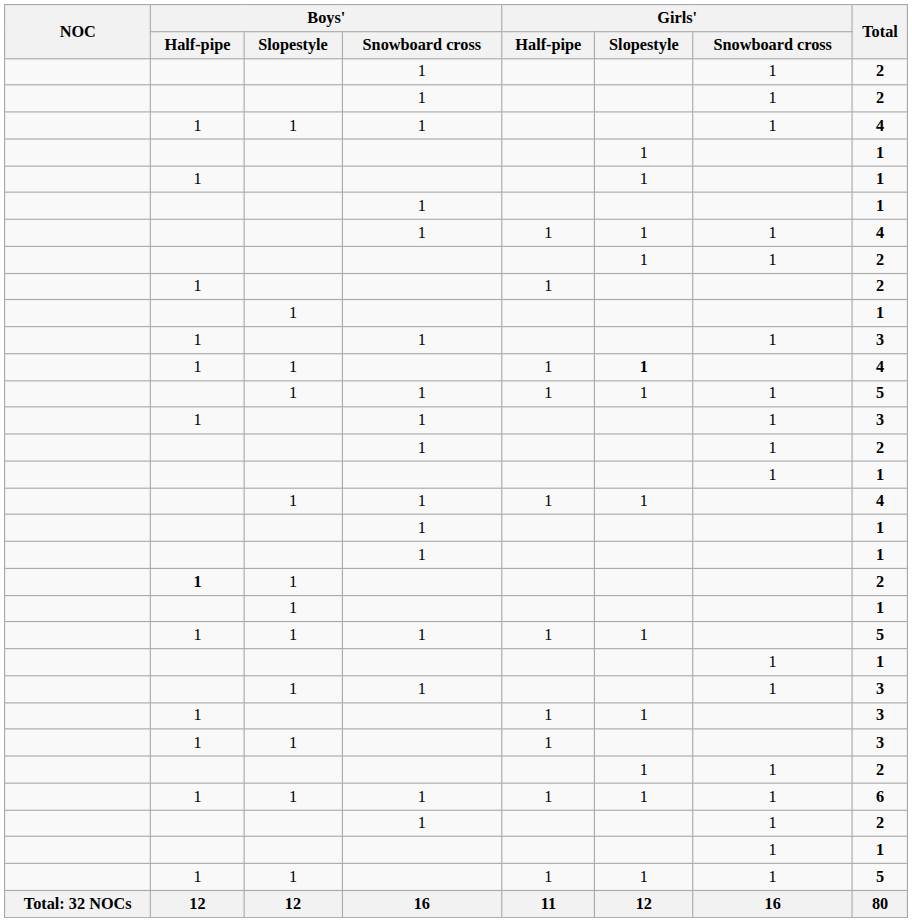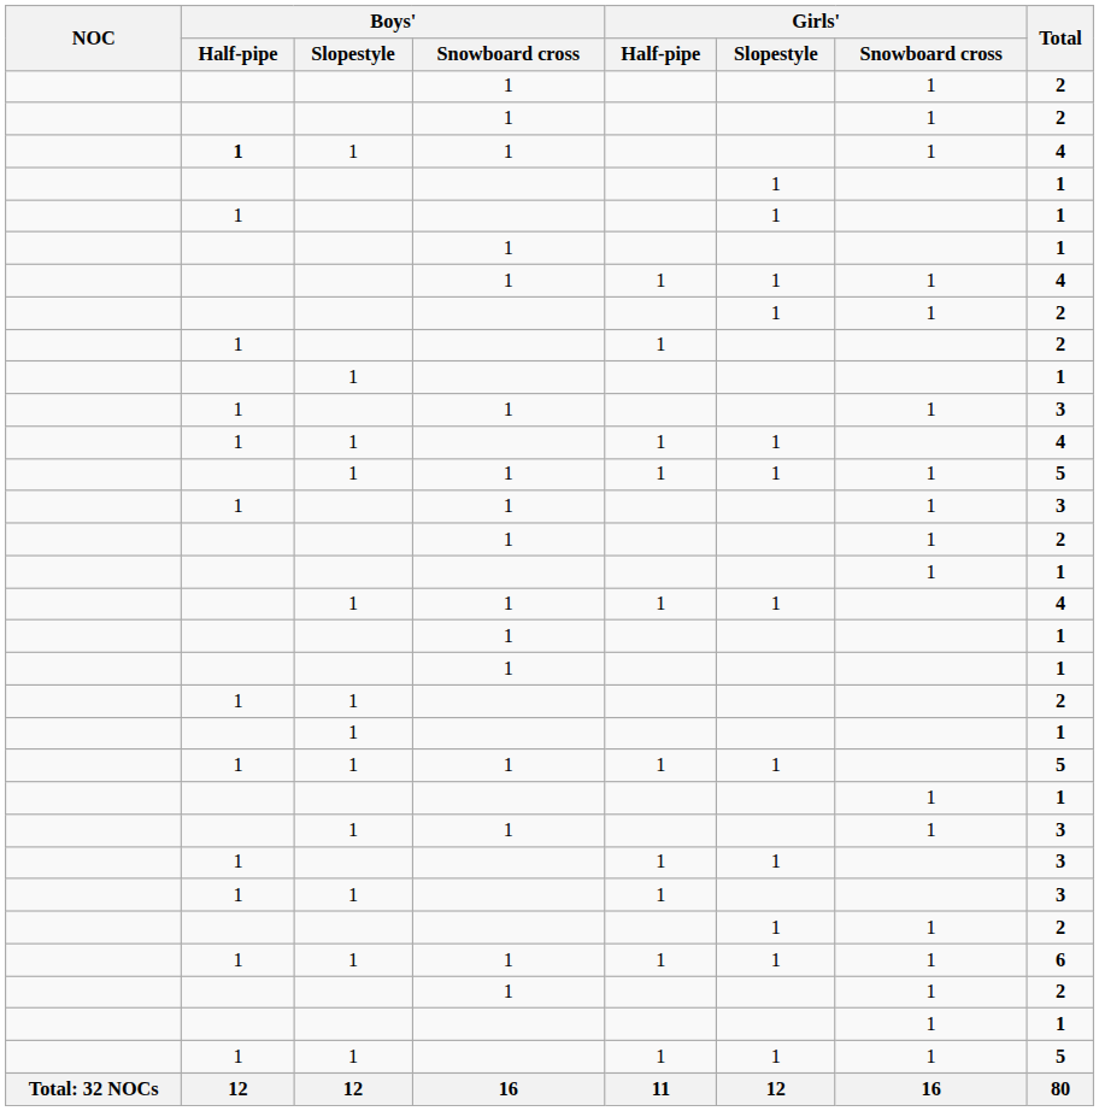 <table class="wikitable" width=800 style="text-align:center; font-size:90%">
 <tr>
 <th rowspan="2" align="left">NOC</th>
 <th colspan="3">Boys'</th>
 <th colspan="3">Girls'</th>
 <th rowspan="2">Total</th>
 </tr>
 <tr>
 <th>Half-pipe</th>
 <th>Slopestyle</th>
 <th>Snowboard cross</th>
 <th>Half-pipe</th>
 <th>Slopestyle</th>
 <th>Snowboard cross</th>
 </tr>
 <tr>
 <td style="text-align:left;"></td>
 <td></td>
 <td></td>
 <td>1</td>
 <td></td>
 <td></td>
 <td>1</td>
 <td><strong>2</strong></td>
 </tr>
 <tr>
 <td style="text-align:left;"></td>
 <td></td>
 <td></td>
 <td>1</td>
 <td></td>
 <td></td>
 <td>1</td>
 <td><strong>2</strong></td>
 </tr>
 <tr>
 <td style="text-align:left;"></td>
-<td>1</td>
+<td><strong>1</strong></td>
 <td>1</td>
 <td>1</td>
 <td></td>
 <td></td>
 <td>1</td>
 <td><strong>4</strong></td>
 </tr>
 <tr>
 <td style="text-align:left;"></td>
 <td></td>
 <td></td>
 <td></td>
 <td></td>
 <td>1</td>
 <td></td>
 <td><strong>1</strong></td>
 </tr>
 <tr>
 <td style="text-align:left;"></td>
 <td>1</td>
 <td></td>
 <td></td>
 <td></td>
 <td>1</td>
 <td></td>
 <td><strong>1</strong></td>
 </tr>
 <tr>
 <td style="text-align:left;"></td>
 <td></td>
 <td></td>
 <td>1</td>
 <td></td>
 <td></td>
 <td></td>
 <td><strong>1</strong></td>
 </tr>
 <tr>
 <td style="text-align:left;"></td>
 <td></td>
 <td></td>
 <td>1</td>
 <td>1</td>
 <td>1</td>
 <td>1</td>
 <td><strong>4</strong></td>
 </tr>
 <tr>
 <td style="text-align:left;"></td>
 <td></td>
 <td></td>
 <td></td>
 <td></td>
 <td>1</td>
 <td>1</td>
 <td><strong>2</strong></td>
 </tr>
 <tr>
 <td style="text-align:left;"></td>
 <td>1</td>
 <td></td>
 <td></td>
 <td>1</td>
 <td></td>
 <td></td>
 <td><strong>2</strong></td>
 </tr>
 <tr>
 <td style="text-align:left;"></td>
 <td></td>
 <td>1</td>
 <td></td>
 <td></td>
 <td></td>
 <td></td>
 <td><strong>1</strong></td>
 </tr>
 <tr>
 <td style="text-align:left;"></td>
 <td>1</td>
 <td></td>
 <td>1</td>
 <td></td>
 <td></td>
 <td>1</td>
 <td><strong>3</strong></td>
 </tr>
 <tr>
 <td style="text-align:left;"></td>
 <td>1</td>
 <td>1</td>
 <td></td>
 <td>1</td>
-<td><strong>1</strong></td>
+<td>1</td>
 <td></td>
 <td><strong>4</strong></td>
 </tr>
 <tr>
 <td style="text-align:left;"></td>
 <td></td>
 <td>1</td>
 <td>1</td>
 <td>1</td>
 <td>1</td>
 <td>1</td>
 <td><strong>5</strong></td>
 </tr>
 <tr>
 <td style="text-align:left;"></td>
 <td>1</td>
 <td></td>
 <td>1</td>
 <td></td>
 <td></td>
 <td>1</td>
 <td><strong>3</strong></td>
 </tr>
 <tr>
 <td style="text-align:left;"></td>
 <td></td>
 <td></td>
 <td>1</td>
 <td></td>
 <td></td>
 <td>1</td>
 <td><strong>2</strong></td>
 </tr>
 <tr>
 <td style="text-align:left;"></td>
 <td></td>
 <td></td>
 <td></td>
 <td></td>
 <td></td>
 <td>1</td>
 <td><strong>1</strong></td>
 </tr>
 <tr>
 <td style="text-align:left;"></td>
 <td></td>
 <td>1</td>
 <td>1</td>
 <td>1</td>
 <td>1</td>
 <td></td>
 <td><strong>4</strong></td>
 </tr>
 <tr>
 <td style="text-align:left;"></td>
 <td></td>
 <td></td>
 <td>1</td>
 <td></td>
 <td></td>
 <td></td>
 <td><strong>1</strong></td>
 </tr>
 <tr>
 <td style="text-align:left;"></td>
 <td></td>
 <td></td>
 <td>1</td>
 <td></td>
 <td></td>
 <td></td>
 <td><strong>1</strong></td>
 </tr>
 <tr>
 <td style="text-align:left;"></td>
-<td><strong>1</strong></td>
+<td>1</td>
 <td>1</td>
 <td></td>
 <td></td>
 <td></td>
 <td></td>
 <td><strong>2</strong></td>
 </tr>
 <tr>
 <td style="text-align:left;"></td>
 <td></td>
 <td>1</td>
 <td></td>
 <td></td>
 <td></td>
 <td></td>
 <td><strong>1</strong></td>
 </tr>
 <tr>
 <td style="text-align:left;"></td>
 <td>1</td>
 <td>1</td>
 <td>1</td>
 <td>1</td>
 <td>1</td>
 <td></td>
 <td><strong>5</strong></td>
 </tr>
 <tr>
 <td style="text-align:left;"></td>
 <td></td>
 <td></td>
 <td></td>
 <td></td>
 <td></td>
 <td>1</td>
 <td><strong>1</strong></td>
 </tr>
 <tr>
 <td style="text-align:left;"></td>
 <td></td>
 <td>1</td>
 <td>1</td>
 <td></td>
 <td></td>
 <td>1</td>
 <td><strong>3</strong></td>
 </tr>
 <tr>
 <td style="text-align:left;"></td>
 <td>1</td>
 <td></td>
 <td></td>
 <td>1</td>
 <td>1</td>
 <td></td>
 <td><strong>3</strong></td>
 </tr>
 <tr>
 <td style="text-align:left;"></td>
 <td>1</td>
 <td>1</td>
 <td></td>
 <td>1</td>
 <td></td>
 <td></td>
 <td><strong>3</strong></td>
 </tr>
 <tr>
 <td style="text-align:left;"></td>
 <td></td>
 <td></td>
 <td></td>
 <td></td>
 <td>1</td>
 <td>1</td>
 <td><strong>2</strong></td>
 </tr>
 <tr>
 <td style="text-align:left;"></td>
 <td>1</td>
 <td>1</td>
 <td>1</td>
 <td>1</td>
 <td>1</td>
 <td>1</td>
 <td><strong>6</strong></td>
 </tr>
 <tr>
 <td style="text-align:left;"></td>
 <td></td>
 <td></td>
 <td>1</td>
 <td></td>
 <td></td>
 <td>1</td>
 <td><strong>2</strong></td>
 </tr>
 <tr>
 <td style="text-align:left;"></td>
 <td></td>
 <td></td>
 <td></td>
 <td></td>
 <td></td>
 <td>1</td>
 <td><strong>1</strong></td>
 </tr>
 <tr>
 <td style="text-align:left;"></td>
 <td>1</td>
 <td>1</td>
 <td></td>
 <td>1</td>
 <td>1</td>
 <td>1</td>
 <td><strong>5</strong></td>
 </tr>
 <tr>
 <th>Total: 32 NOCs</th>
 <th>12</th>
 <th>12</th>
 <th>16</th>
 <th>11</th>
 <th>12</th>
 <th>16</th>
 <th>80</th>
 </tr>
 </table>
